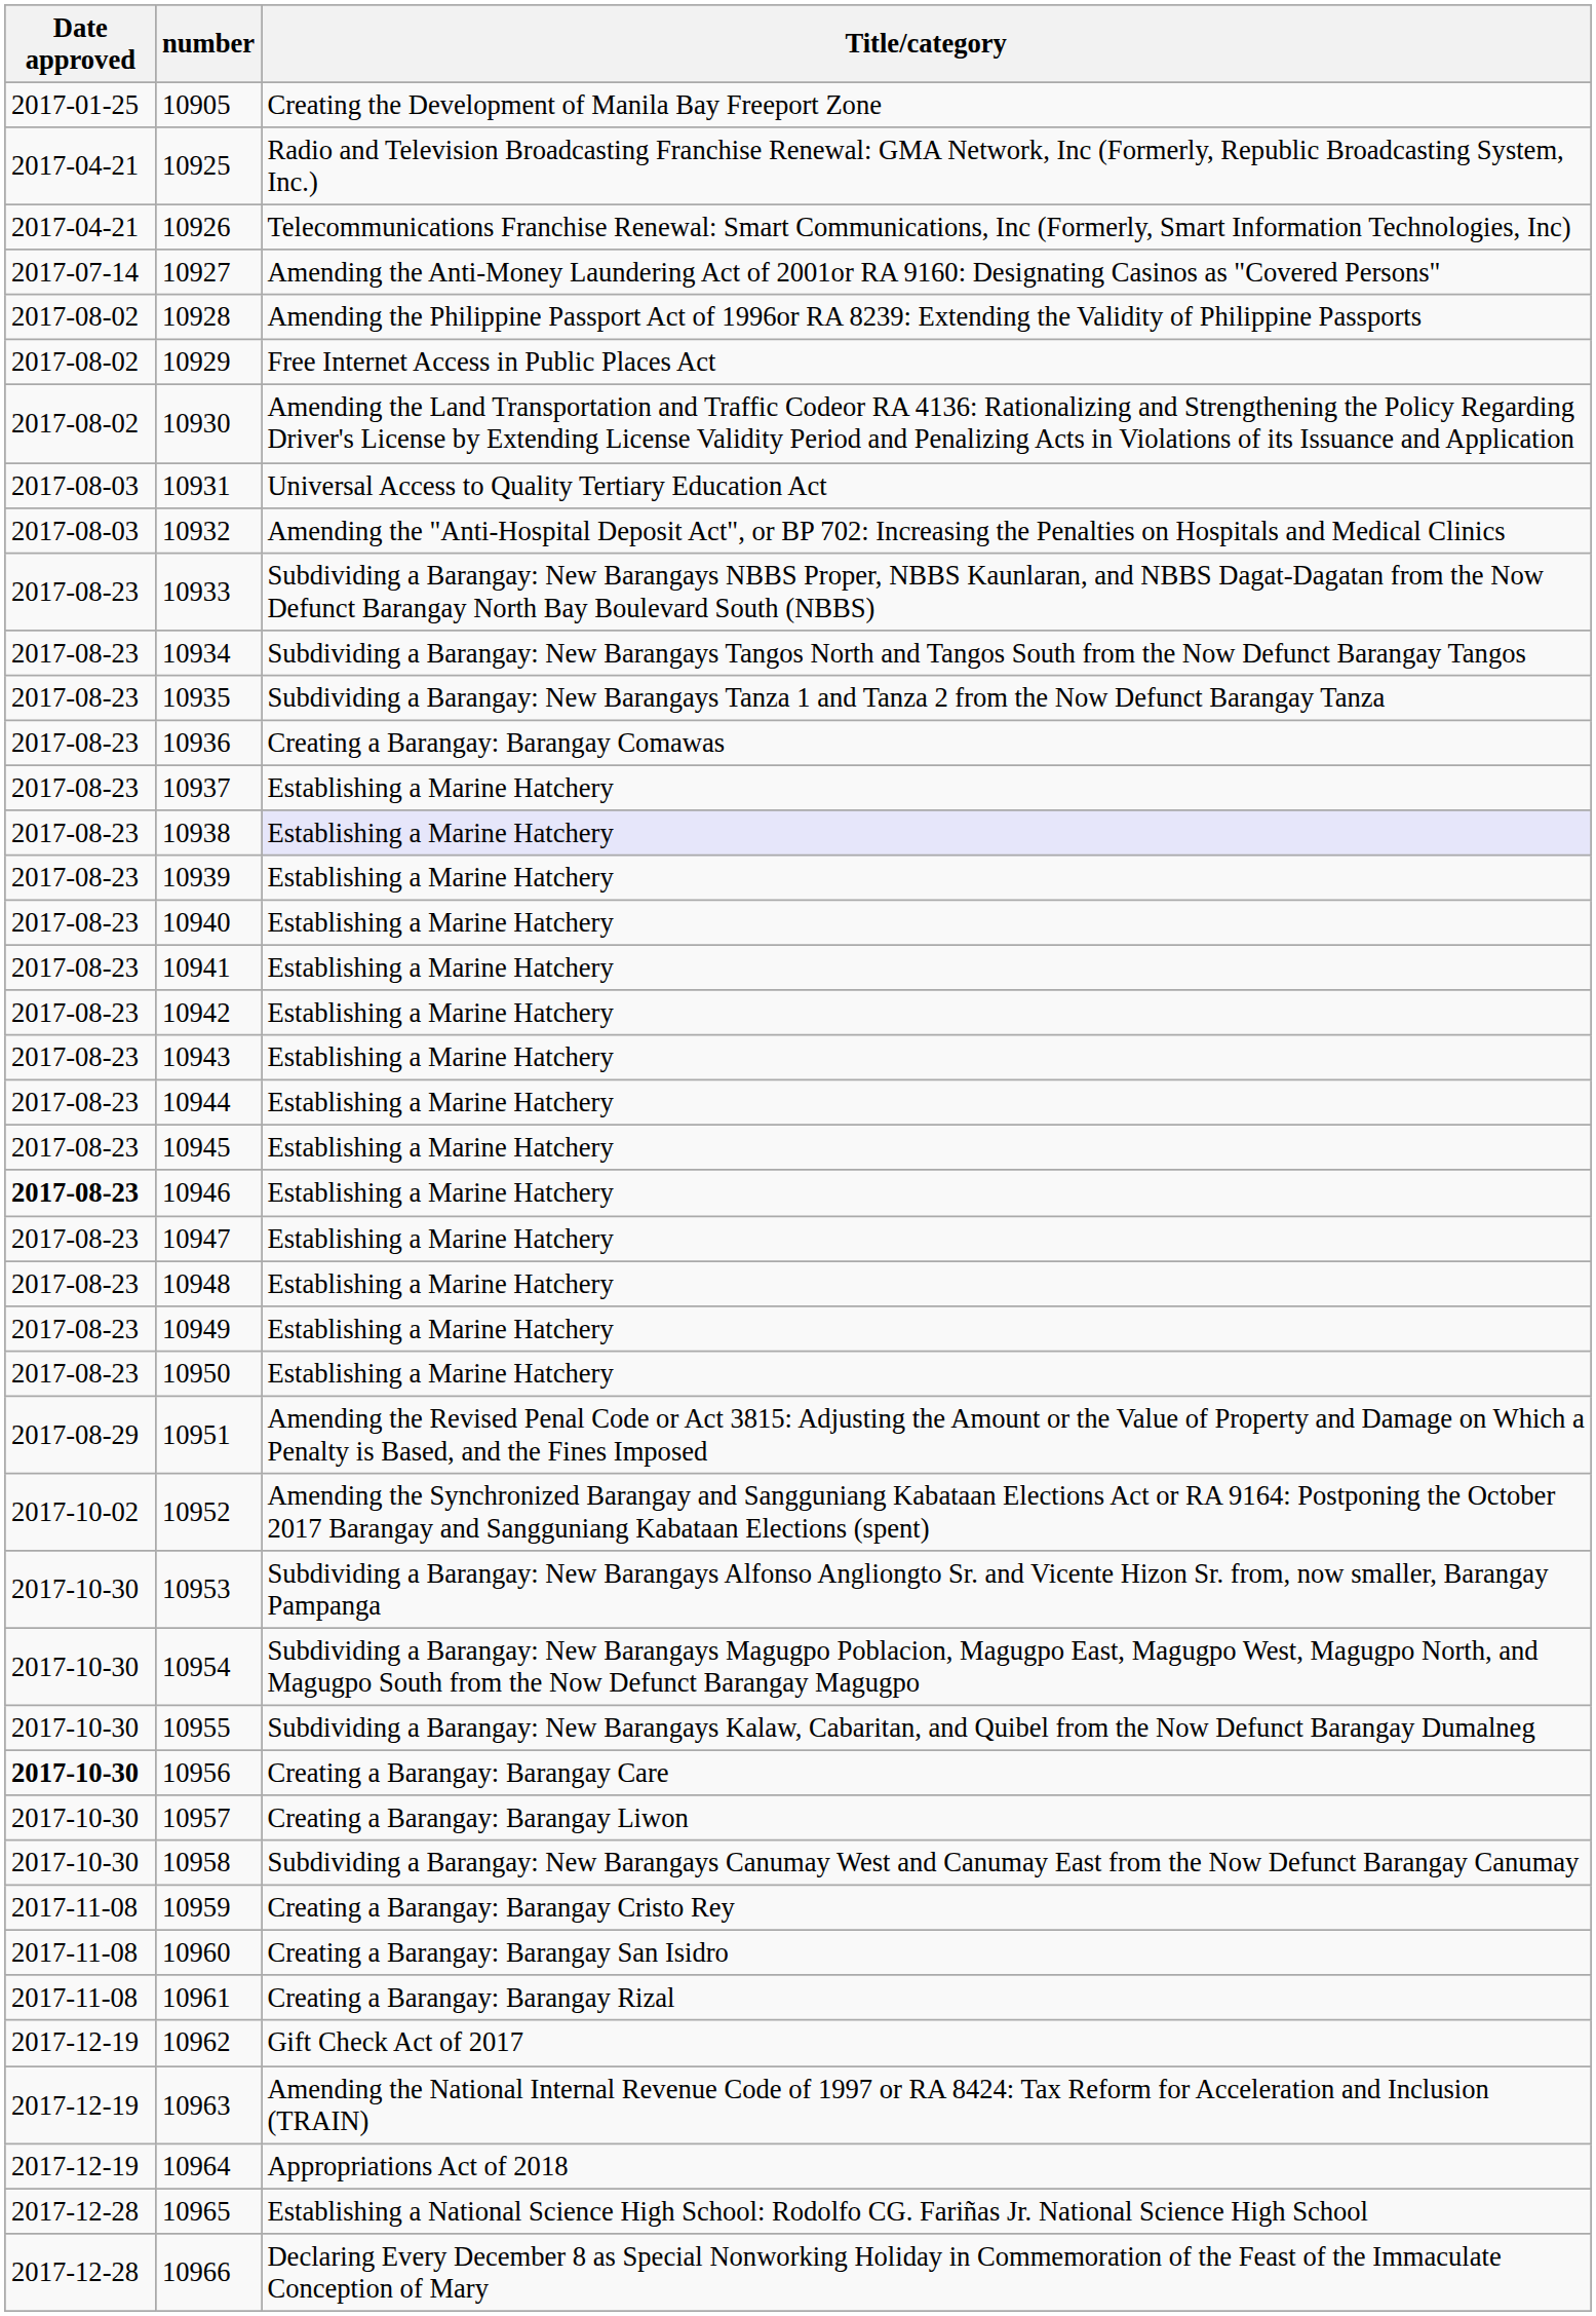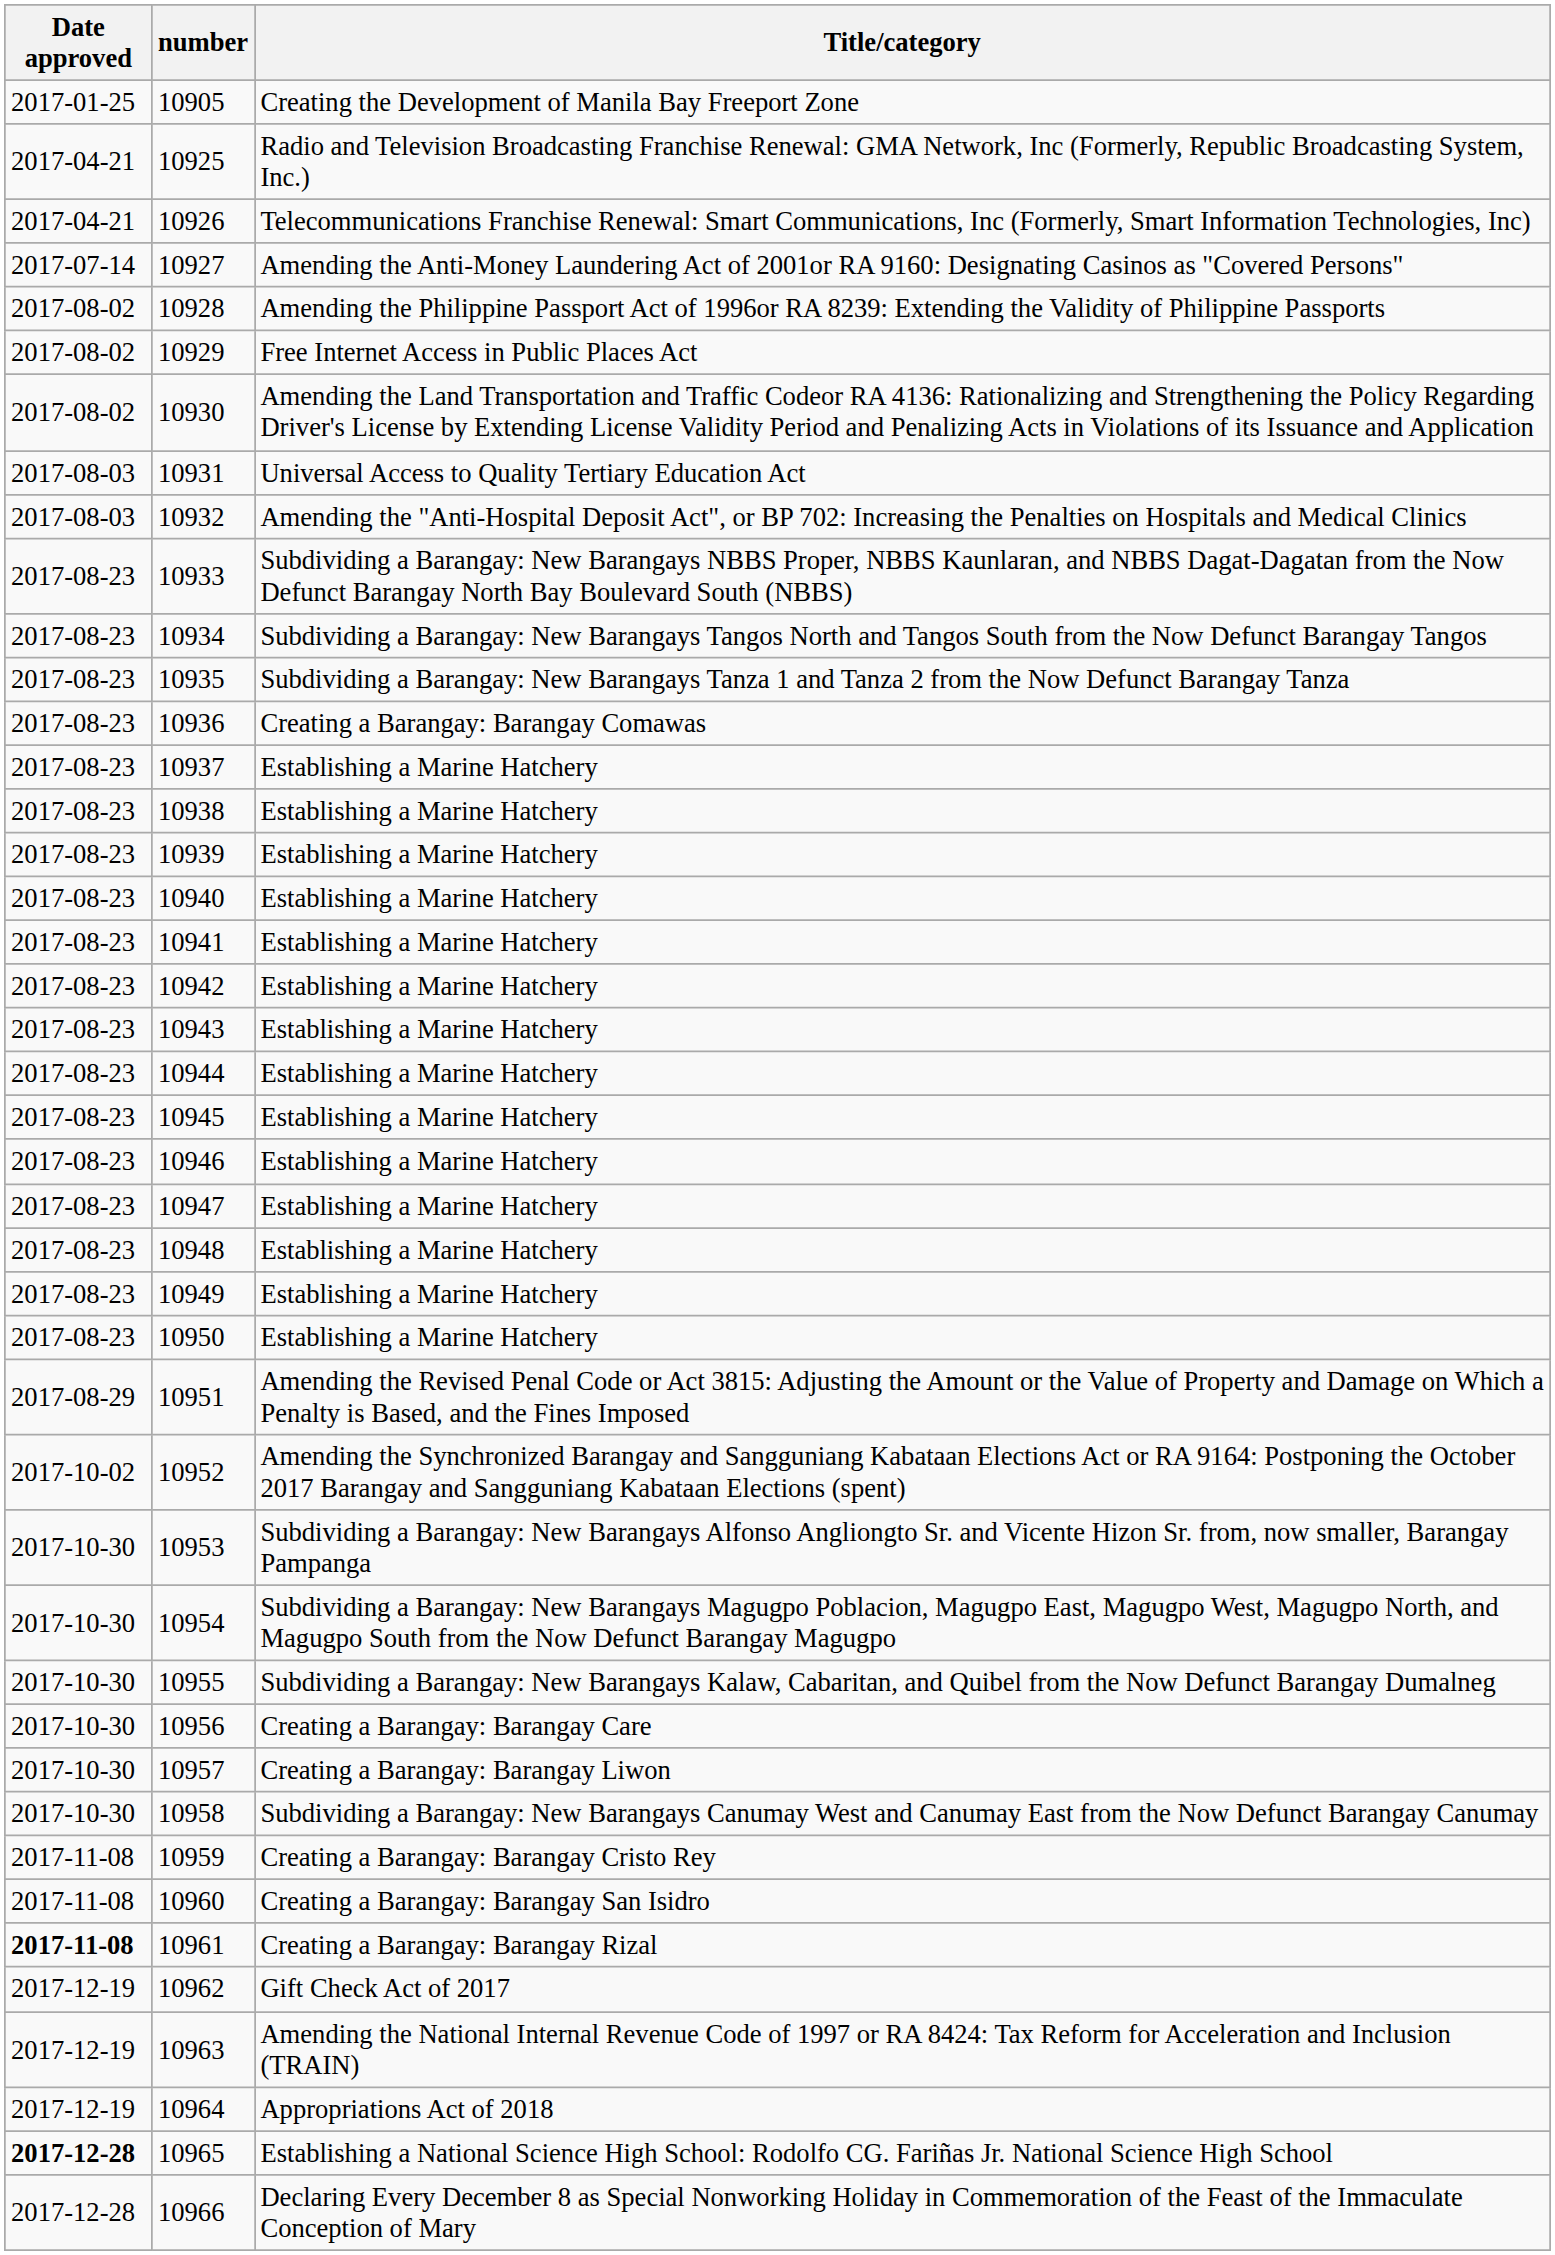 <table class="wikitable sortable collapsible collapsed plainrowheaders" style="width: 100%; font-size: 95%">
 <tr>
 <th scope="col" data-sort-type="isoDate">Date approved</th>
 <th scope="col"> number</th>
 <th scope="col">Title/category</th>
 </tr>
 <tr>
 <td>2017-01-25</td>
 <td>10905</td>
 <td>Creating the Development of Manila Bay Freeport Zone</td>
 </tr>
 <tr>
 <td>2017-04-21</td>
 <td>10925</td>
 <td>Radio and Television Broadcasting Franchise Renewal: GMA Network, Inc (Formerly, Republic Broadcasting System, Inc.)</td>
 </tr>
 <tr>
 <td>2017-04-21</td>
 <td>10926</td>
 <td>Telecommunications Franchise Renewal: Smart Communications, Inc (Formerly, Smart Information Technologies, Inc)</td>
 </tr>
 <tr>
 <td>2017-07-14</td>
 <td>10927</td>
 <td>Amending the Anti-Money Laundering Act of 2001or RA 9160: Designating Casinos as "Covered Persons"</td>
 </tr>
 <tr>
 <td>2017-08-02</td>
 <td>10928</td>
 <td>Amending the Philippine Passport Act of 1996or RA 8239: Extending the Validity of Philippine Passports</td>
 </tr>
 <tr>
 <td>2017-08-02</td>
 <td>10929</td>
 <td>Free Internet Access in Public Places Act</td>
 </tr>
 <tr>
 <td>2017-08-02</td>
 <td>10930</td>
 <td>Amending the Land Transportation and Traffic Codeor RA 4136: Rationalizing and Strengthening the Policy Regarding Driver's License by Extending License Validity Period and Penalizing Acts in Violations of its Issuance and Application</td>
 </tr>
 <tr>
 <td>2017-08-03</td>
 <td>10931</td>
 <td>Universal Access to Quality Tertiary Education Act</td>
 </tr>
 <tr>
 <td>2017-08-03</td>
 <td>10932</td>
 <td>Amending the "Anti-Hospital Deposit Act", or BP 702: Increasing the Penalties on Hospitals and Medical Clinics</td>
 </tr>
 <tr>
 <td>2017-08-23</td>
 <td>10933</td>
 <td>Subdividing a Barangay: New Barangays NBBS Proper, NBBS Kaunlaran, and NBBS Dagat-Dagatan from the Now Defunct Barangay North Bay Boulevard South (NBBS)</td>
 </tr>
 <tr>
 <td>2017-08-23</td>
 <td>10934</td>
 <td>Subdividing a Barangay: New Barangays Tangos North and Tangos South from the Now Defunct Barangay Tangos</td>
 </tr>
 <tr>
 <td>2017-08-23</td>
 <td>10935</td>
 <td>Subdividing a Barangay: New Barangays Tanza 1 and Tanza 2 from the Now Defunct Barangay Tanza</td>
 </tr>
 <tr>
 <td>2017-08-23</td>
 <td>10936</td>
 <td>Creating a Barangay: Barangay Comawas</td>
 </tr>
 <tr>
 <td>2017-08-23</td>
 <td>10937</td>
 <td>Establishing a Marine Hatchery</td>
 </tr>
 <tr>
 <td>2017-08-23</td>
 <td>10938</td>
-<td style="background: lavender;">Establishing a Marine Hatchery</td>
+<td>Establishing a Marine Hatchery</td>
 </tr>
 <tr>
 <td>2017-08-23</td>
 <td>10939</td>
 <td>Establishing a Marine Hatchery</td>
 </tr>
 <tr>
 <td>2017-08-23</td>
 <td>10940</td>
 <td>Establishing a Marine Hatchery</td>
 </tr>
 <tr>
 <td>2017-08-23</td>
 <td>10941</td>
 <td>Establishing a Marine Hatchery</td>
 </tr>
 <tr>
 <td>2017-08-23</td>
 <td>10942</td>
 <td>Establishing a Marine Hatchery</td>
 </tr>
 <tr>
 <td>2017-08-23</td>
 <td>10943</td>
 <td>Establishing a Marine Hatchery</td>
 </tr>
 <tr>
 <td>2017-08-23</td>
 <td>10944</td>
 <td>Establishing a Marine Hatchery</td>
 </tr>
 <tr>
 <td>2017-08-23</td>
 <td>10945</td>
 <td>Establishing a Marine Hatchery</td>
 </tr>
 <tr>
-<td><strong>2017-08-23</strong></td>
+<td>2017-08-23</td>
 <td>10946</td>
 <td>Establishing a Marine Hatchery</td>
 </tr>
 <tr>
 <td>2017-08-23</td>
 <td>10947</td>
 <td>Establishing a Marine Hatchery</td>
 </tr>
 <tr>
 <td>2017-08-23</td>
 <td>10948</td>
 <td>Establishing a Marine Hatchery</td>
 </tr>
 <tr>
 <td>2017-08-23</td>
 <td>10949</td>
 <td>Establishing a Marine Hatchery</td>
 </tr>
 <tr>
 <td>2017-08-23</td>
 <td>10950</td>
 <td>Establishing a Marine Hatchery</td>
 </tr>
 <tr>
 <td>2017-08-29</td>
 <td>10951</td>
 <td>Amending the Revised Penal Code or Act 3815: Adjusting the Amount or the Value of Property and Damage on Which a Penalty is Based, and the Fines Imposed</td>
 </tr>
 <tr>
 <td>2017-10-02</td>
 <td>10952</td>
 <td>Amending the Synchronized Barangay and Sangguniang Kabataan Elections Act or RA 9164: Postponing the October 2017 Barangay and Sangguniang Kabataan Elections (spent)</td>
 </tr>
 <tr>
 <td>2017-10-30</td>
 <td>10953</td>
 <td>Subdividing a Barangay: New Barangays Alfonso Angliongto Sr. and Vicente Hizon Sr. from, now smaller, Barangay Pampanga</td>
 </tr>
 <tr>
 <td>2017-10-30</td>
 <td>10954</td>
 <td>Subdividing a Barangay: New Barangays Magugpo Poblacion, Magugpo East, Magugpo West, Magugpo North, and Magugpo South from the Now Defunct Barangay Magugpo</td>
 </tr>
 <tr>
 <td>2017-10-30</td>
 <td>10955</td>
 <td>Subdividing a Barangay: New Barangays Kalaw, Cabaritan, and Quibel from the Now Defunct Barangay Dumalneg</td>
 </tr>
 <tr>
-<td><strong>2017-10-30</strong></td>
+<td>2017-10-30</td>
 <td>10956</td>
 <td>Creating a Barangay: Barangay Care</td>
 </tr>
 <tr>
 <td>2017-10-30</td>
 <td>10957</td>
 <td>Creating a Barangay: Barangay Liwon</td>
 </tr>
 <tr>
 <td>2017-10-30</td>
 <td>10958</td>
 <td>Subdividing a Barangay: New Barangays Canumay West and Canumay East from the Now Defunct Barangay Canumay</td>
 </tr>
 <tr>
 <td>2017-11-08</td>
 <td>10959</td>
 <td>Creating a Barangay: Barangay Cristo Rey</td>
 </tr>
 <tr>
 <td>2017-11-08</td>
 <td>10960</td>
 <td>Creating a Barangay: Barangay San Isidro</td>
 </tr>
 <tr>
-<td>2017-11-08</td>
+<td><strong>2017-11-08</strong></td>
 <td>10961</td>
 <td>Creating a Barangay: Barangay Rizal</td>
 </tr>
 <tr>
 <td>2017-12-19</td>
 <td>10962</td>
 <td>Gift Check Act of 2017</td>
 </tr>
 <tr>
 <td>2017-12-19</td>
 <td>10963</td>
 <td>Amending the National Internal Revenue Code of 1997 or RA 8424: Tax Reform for Acceleration and Inclusion (TRAIN)</td>
 </tr>
 <tr>
 <td>2017-12-19</td>
 <td>10964</td>
 <td>Appropriations Act of 2018</td>
 </tr>
 <tr>
-<td>2017-12-28</td>
+<td><strong>2017-12-28</strong></td>
 <td>10965</td>
 <td>Establishing a National Science High School: Rodolfo CG. Fariñas Jr. National Science High School</td>
 </tr>
 <tr>
 <td>2017-12-28</td>
 <td>10966</td>
 <td>Declaring Every December 8 as Special Nonworking Holiday in Commemoration of the Feast of the Immaculate Conception of Mary</td>
 </tr>
 </table>
